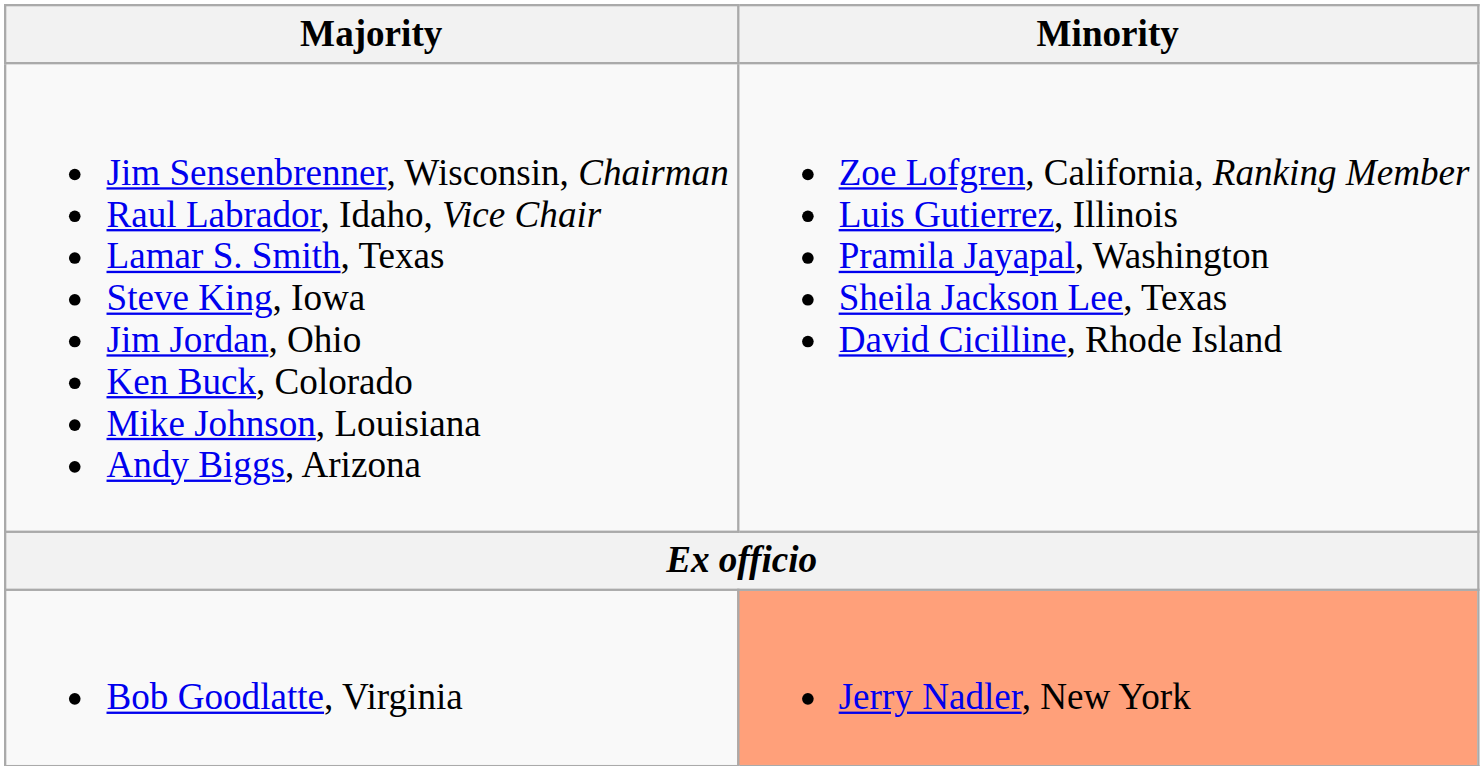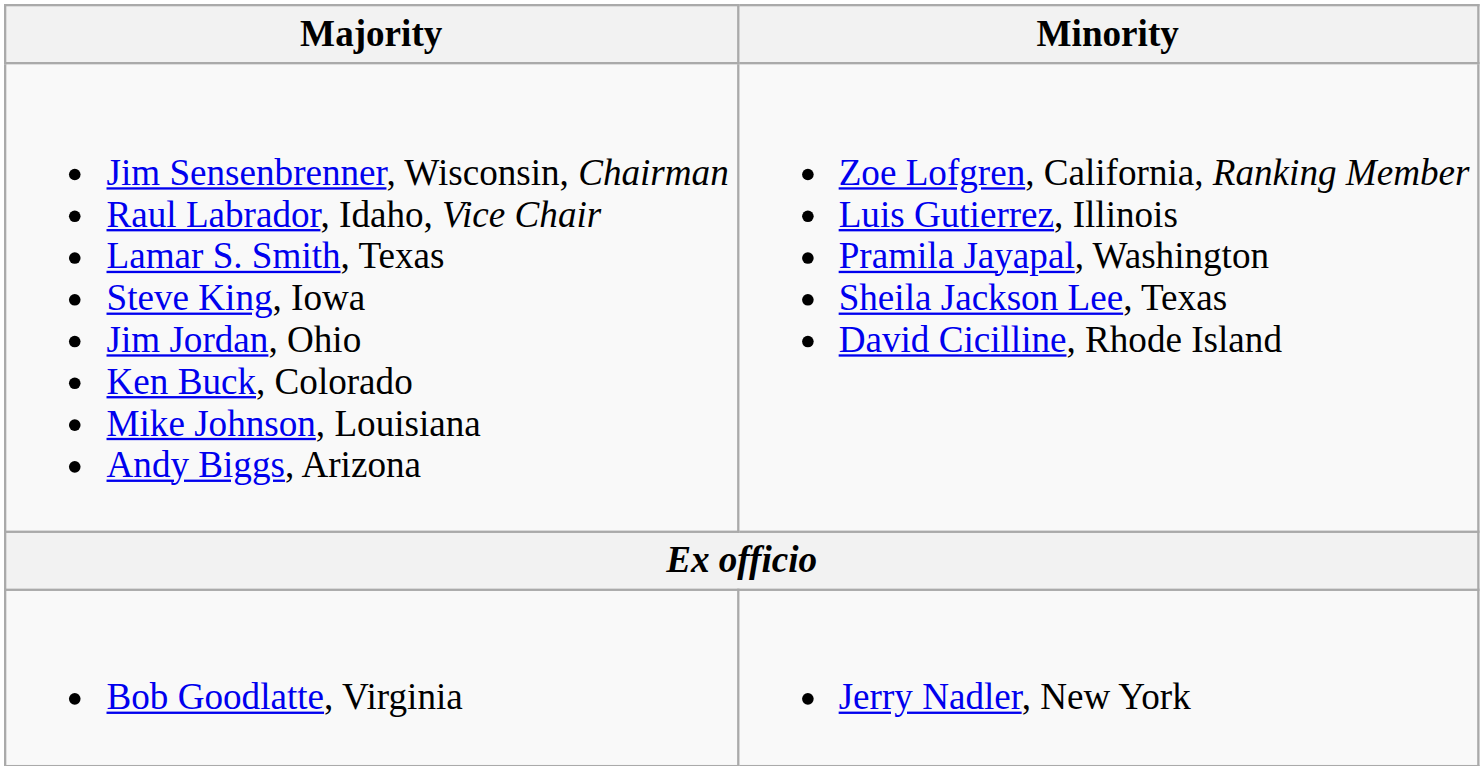 <table class=wikitable>
 <tr>
 <th>Majority</th>
 <th>Minority</th>
 </tr>
 <tr valign=top>
 <td><br><ul><li><a href='#'>Jim Sensenbrenner</a>, Wisconsin, <em>Chairman</em></li><li><a href='#'>Raul Labrador</a>, Idaho, <em>Vice Chair</em></li><li><a href='#'>Lamar S. Smith</a>, Texas</li><li><a href='#'>Steve King</a>, Iowa</li><li><a href='#'>Jim Jordan</a>, Ohio</li><li><a href='#'>Ken Buck</a>, Colorado</li><li><a href='#'>Mike Johnson</a>, Louisiana</li><li><a href='#'>Andy Biggs</a>, Arizona</li></ul></td>
 <td><br><ul><li><a href='#'>Zoe Lofgren</a>, California, <em>Ranking Member</em></li><li><a href='#'>Luis Gutierrez</a>, Illinois</li><li><a href='#'>Pramila Jayapal</a>, Washington</li><li><a href='#'>Sheila Jackson Lee</a>, Texas</li><li><a href='#'>David Cicilline</a>, Rhode Island</li></ul></td>
 </tr>
 <tr>
 <th colspan=2><em>Ex officio</em></th>
 </tr>
 <tr>
 <td><br><ul><li><a href='#'>Bob Goodlatte</a>, Virginia</li></ul></td>
-<td style="background: lightsalmon;"><br><ul><li><a href='#'>Jerry Nadler</a>, New York</li></ul></td>
+<td><br><ul><li><a href='#'>Jerry Nadler</a>, New York</li></ul></td>
 </tr>
 </table>
